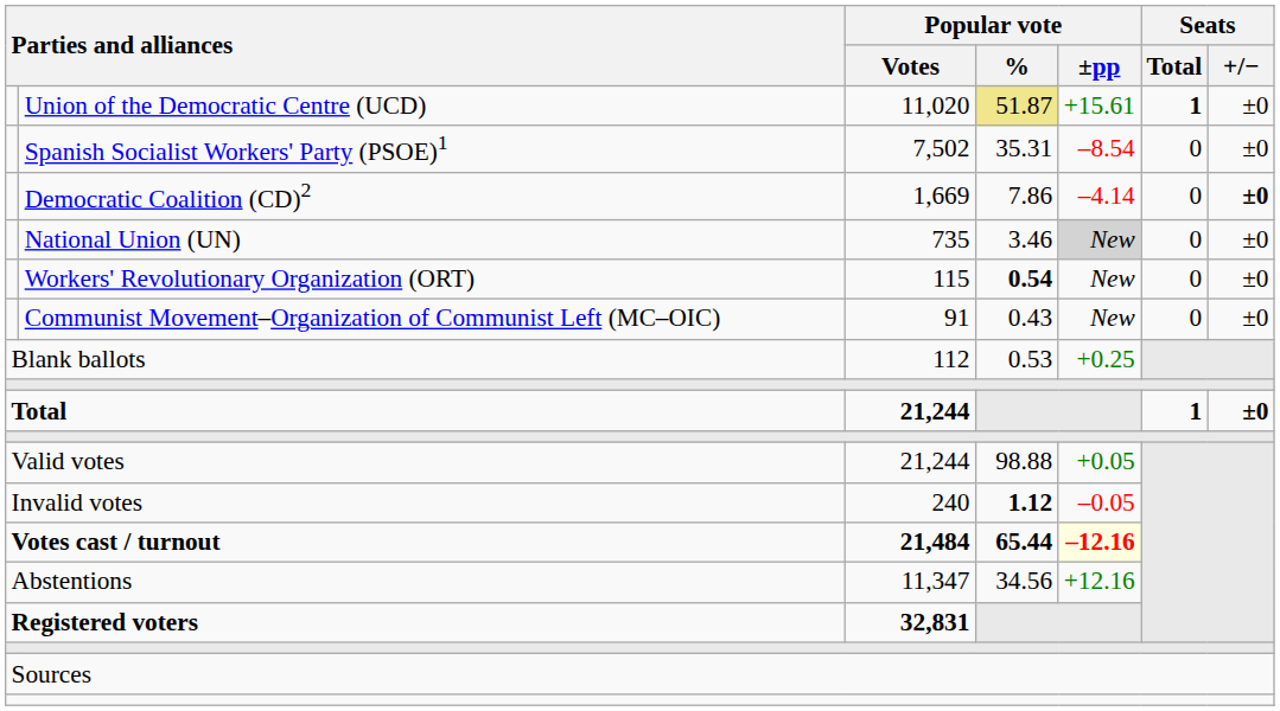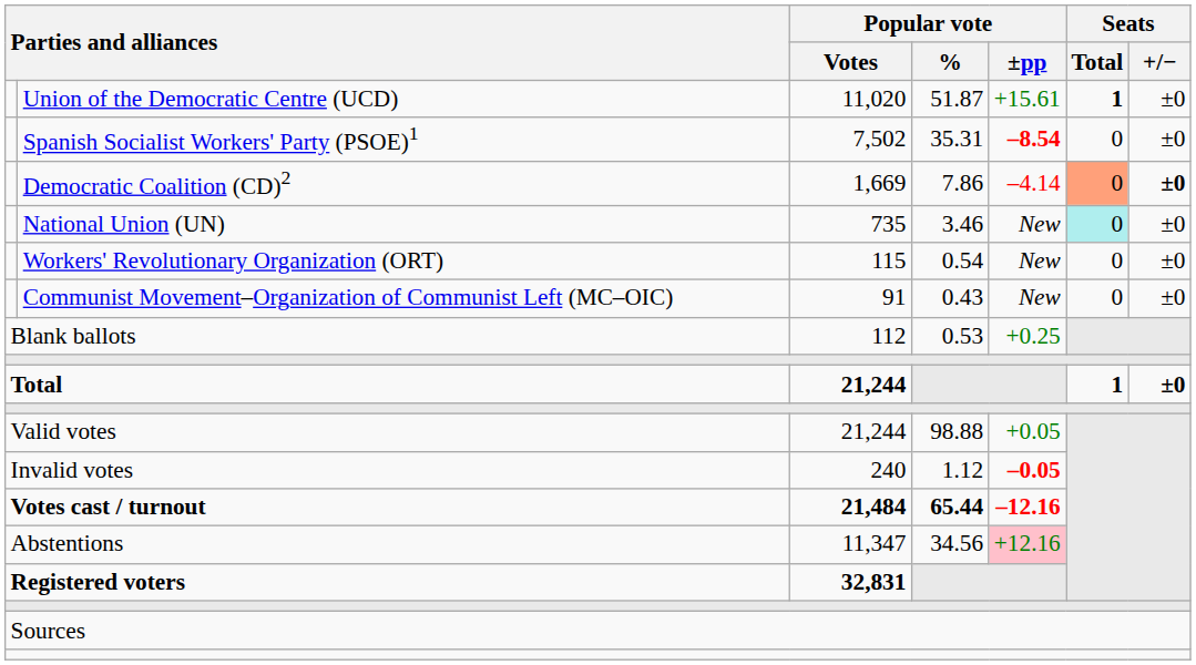 <table class="wikitable" style="text-align:right;">
 <tr>
 <th style="text-align:left;" rowspan="2" colspan="2" width="525">Parties and alliances</th>
 <th colspan="3">Popular vote</th>
 <th colspan="2">Seats</th>
 </tr>
 <tr>
 <th width="75">Votes</th>
 <th width="45">%</th>
 <th width="45">±<a href='#'>pp</a></th>
 <th width="35">Total</th>
 <th width="35">+/−</th>
 </tr>
 <tr>
 <td width="1" style="color:inherit;background:"></td>
 <td align="left"><a href='#'>Union of the Democratic Centre</a> (UCD)</td>
 <td>11,020</td>
-<td style="background: khaki;">51.87</td>
+<td>51.87</td>
 <td style="color:green;">+15.61</td>
 <td><strong>1</strong></td>
 <td>±0</td>
 </tr>
 <tr>
 <td style="color:inherit;background:"></td>
 <td align="left"><a href='#'>Spanish Socialist Workers' Party</a> (PSOE)<sup>1</sup></td>
 <td>7,502</td>
 <td>35.31</td>
-<td style="color:red;">–8.54</td>
+<td style="color:red;"><strong>–8.54</strong></td>
 <td>0</td>
 <td>±0</td>
 </tr>
 <tr>
 <td style="color:inherit;background:"></td>
 <td align="left"><a href='#'>Democratic Coalition</a> (CD)<sup>2</sup></td>
 <td>1,669</td>
 <td>7.86</td>
 <td style="color:red;">–4.14</td>
-<td>0</td>
+<td style="background: lightsalmon;">0</td>
 <td><strong>±0</strong></td>
 </tr>
 <tr>
 <td style="color:inherit;background:"></td>
 <td align="left"><a href='#'>National Union</a> (UN)</td>
 <td>735</td>
 <td>3.46</td>
-<td style="background: lightgrey;"><em>New</em></td>
-<td>0</td>
+<td><em>New</em></td>
+<td style="background: paleturquoise;">0</td>
 <td>±0</td>
 </tr>
 <tr>
 <td style="color:inherit;background:"></td>
 <td align="left"><a href='#'>Workers' Revolutionary Organization</a> (ORT)</td>
 <td>115</td>
-<td><strong>0.54</strong></td>
+<td>0.54</td>
 <td><em>New</em></td>
 <td>0</td>
 <td>±0</td>
 </tr>
 <tr>
 <td style="color:inherit;background:"></td>
 <td align="left"><a href='#'>Communist Movement</a>–<a href='#'>Organization of Communist Left</a> (MC–OIC)</td>
 <td>91</td>
 <td>0.43</td>
 <td><em>New</em></td>
 <td>0</td>
 <td>±0</td>
 </tr>
 <tr>
 <td align="left" colspan="2">Blank ballots</td>
 <td>112</td>
 <td>0.53</td>
 <td style="color:green;">+0.25</td>
 <td bgcolor="#E9E9E9" colspan="2"></td>
 </tr>
 <tr>
 <td colspan="7" bgcolor="#E9E9E9"></td>
 </tr>
 <tr style="font-weight:bold;">
 <td align="left" colspan="2">Total</td>
 <td>21,244</td>
 <td bgcolor="#E9E9E9" colspan="2"></td>
 <td>1</td>
 <td>±0</td>
 </tr>
 <tr>
 <td colspan="7" bgcolor="#E9E9E9"></td>
 </tr>
 <tr>
 <td align="left" colspan="2">Valid votes</td>
 <td>21,244</td>
 <td>98.88</td>
 <td style="color:green;">+0.05</td>
 <td bgcolor="#E9E9E9" colspan="2" rowspan="5"></td>
 </tr>
 <tr>
 <td align="left" colspan="2">Invalid votes</td>
 <td>240</td>
-<td><strong>1.12</strong></td>
-<td style="color:red;">–0.05</td>
+<td>1.12</td>
+<td style="color:red;"><strong>–0.05</strong></td>
 </tr>
 <tr style="font-weight:bold;">
 <td align="left" colspan="2">Votes cast / turnout</td>
 <td>21,484</td>
 <td>65.44</td>
-<td style="background: lightyellow; color:red;">–12.16</td>
+<td style="color:red;">–12.16</td>
 </tr>
 <tr>
 <td align="left" colspan="2">Abstentions</td>
 <td>11,347</td>
 <td>34.56</td>
-<td style="color:green;">+12.16</td>
+<td style="background: pink; color:green;">+12.16</td>
 </tr>
 <tr style="font-weight:bold;">
 <td align="left" colspan="2">Registered voters</td>
 <td>32,831</td>
 <td bgcolor="#E9E9E9" colspan="2"></td>
 </tr>
 <tr>
 <td colspan="7" bgcolor="#E9E9E9"></td>
 </tr>
 <tr>
 <td align="left" colspan="7">Sources</td>
 </tr>
 <tr>
 <td colspan="7" style="text-align:left; max-width:790px;"></td>
 </tr>
 </table>
